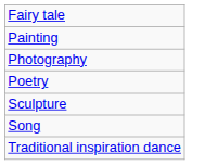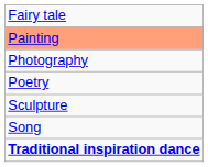 <table class="wikitable">
 <tr>
 <td><a href='#'>Fairy tale</a></td>
 </tr>
 <tr>
-<td><a href='#'>Painting</a></td>
+<td style="background: lightsalmon;"><a href='#'>Painting</a></td>
 </tr>
 <tr>
 <td><a href='#'>Photography</a></td>
 </tr>
 <tr>
 <td><a href='#'>Poetry</a></td>
 </tr>
 <tr>
 <td><a href='#'>Sculpture</a></td>
 </tr>
 <tr>
 <td><a href='#'>Song</a></td>
 </tr>
 <tr>
-<td><a href='#'>Traditional inspiration dance</a></td>
+<td><strong><a href='#'>Traditional inspiration dance</a></strong></td>
 </tr>
 </table>
